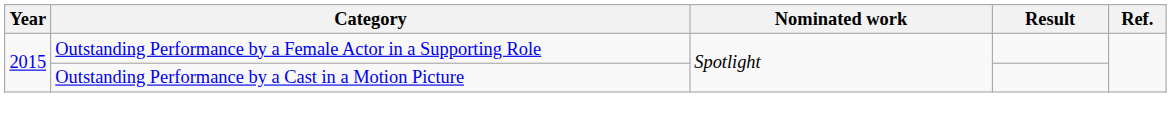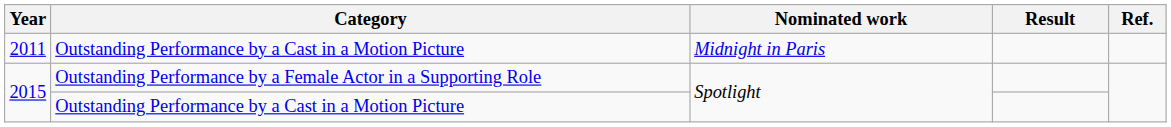 <table class="wikitable" style="width:80%;">
 <tr>
 <th style="width:4%;">Year</th>
 <th style="width:55%;">Category</th>
 <th style="width:26%;">Nominated work</th>
 <th style="width:10%;">Result</th>
 <th width=5%>Ref.</th>
+</tr>
+<tr>
+<td align="center"><a href='#'>2011</a></td>
+<td><a href='#'>Outstanding Performance by a Cast in a Motion Picture</a></td>
+<td><em><a href='#'>Midnight in Paris</a></em></td>
+<td></td>
+<td></td>
 </tr>
 <tr>
 <td align="center" rowspan="2"><a href='#'>2015</a></td>
 <td><a href='#'>Outstanding Performance by a Female Actor in a Supporting Role</a></td>
 <td rowspan="2"><em>Spotlight</em></td>
 <td></td>
 <td rowspan=2 align="center"></td>
 </tr>
 <tr>
 <td><a href='#'>Outstanding Performance by a Cast in a Motion Picture</a></td>
 <td></td>
 </tr>
 </table>
